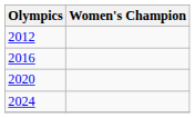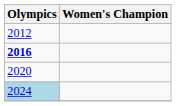 <table class="wikitable" style="margin-left:1em">
 <tr>
 <th>Olympics</th>
 <th>Women's Champion</th>
 </tr>
 <tr>
 <td><a href='#'>2012</a></td>
 <td></td>
 </tr>
 <tr>
-<td><a href='#'>2016</a></td>
+<td><strong><a href='#'>2016</a></strong></td>
 <td></td>
 </tr>
 <tr>
 <td><a href='#'>2020</a></td>
 <td></td>
 </tr>
 <tr>
-<td><a href='#'>2024</a></td>
+<td style="background: lightblue;"><a href='#'>2024</a></td>
 <td></td>
 </tr>
 <tr>
 </tr>
 </table>
